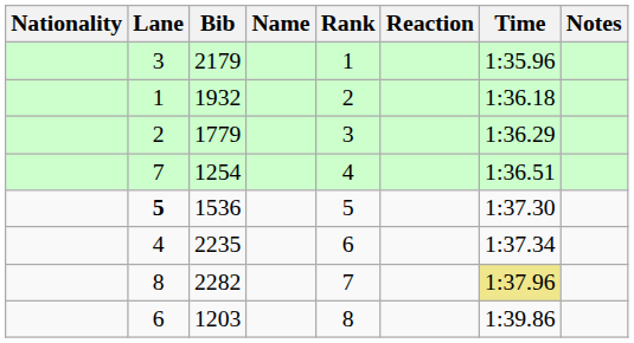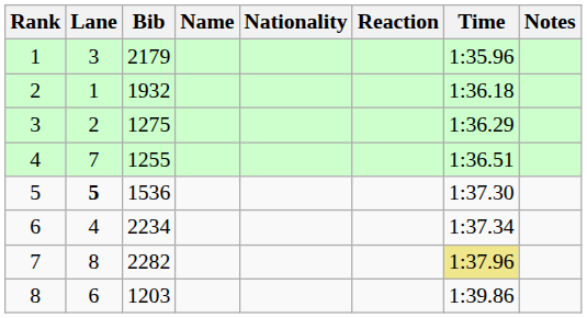 <table class="wikitable sortable" style="text-align:center">
 <tr>
-<th>Nationality</th>
+<th>Rank</th>
 <th>Lane</th>
 <th>Bib</th>
 <th>Name</th>
-<th>Rank</th>
+<th>Nationality</th>
 <th>Reaction</th>
 <th>Time</th>
 <th>Notes</th>
 </tr>
 <tr bgcolor=ccffcc>
-<td align=left></td>
+<td>1</td>
 <td>3</td>
 <td>2179</td>
 <td align=left></td>
-<td>1</td>
+<td align=left></td>
 <td></td>
 <td>1:35.96</td>
 <td><strong></strong></td>
 </tr>
 <tr bgcolor=ccffcc>
-<td align=left></td>
+<td>2</td>
 <td>1</td>
 <td>1932</td>
 <td align=left></td>
-<td>2</td>
+<td align=left></td>
 <td></td>
 <td>1:36.18</td>
 <td><strong></strong></td>
 </tr>
 <tr bgcolor=ccffcc>
+<td>3</td>
+<td>2</td>
+<td>1275</td>
 <td align=left></td>
-<td>2</td>
-<td>1779</td>
 <td align=left></td>
-<td>3</td>
 <td></td>
 <td>1:36.29</td>
 <td><strong></strong></td>
 </tr>
 <tr bgcolor=ccffcc>
+<td>4</td>
+<td>7</td>
+<td>1255</td>
 <td align=left></td>
-<td>7</td>
-<td>1254</td>
 <td align=left></td>
-<td>4</td>
 <td></td>
 <td>1:36.51</td>
 <td><strong></strong></td>
 </tr>
 <tr>
-<td align=left></td>
+<td>5</td>
 <td><strong>5</strong></td>
 <td>1536</td>
 <td align=left></td>
-<td>5</td>
+<td align=left></td>
 <td></td>
 <td>1:37.30</td>
 <td></td>
 </tr>
 <tr>
+<td>6</td>
+<td>4</td>
+<td>2234</td>
 <td align=left></td>
-<td>4</td>
-<td>2235</td>
 <td align=left></td>
-<td>6</td>
 <td></td>
 <td>1:37.34</td>
 <td></td>
 </tr>
 <tr>
-<td align=left></td>
+<td>7</td>
 <td>8</td>
 <td>2282</td>
 <td align=left></td>
-<td>7</td>
+<td align=left></td>
 <td></td>
 <td style="background: khaki;">1:37.96</td>
 <td></td>
 </tr>
 <tr>
-<td align=left></td>
+<td>8</td>
 <td>6</td>
 <td>1203</td>
 <td align=left></td>
-<td>8</td>
+<td align=left></td>
 <td></td>
 <td>1:39.86</td>
 <td></td>
 </tr>
 </table>
